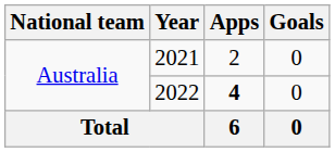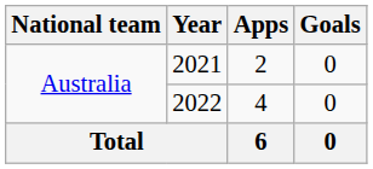 <table class="wikitable" style="text-align:center">
 <tr>
 <th>National team</th>
 <th>Year</th>
 <th>Apps</th>
 <th>Goals</th>
 </tr>
 <tr>
 <td rowspan="2"><a href='#'>Australia</a></td>
 <td>2021</td>
 <td>2</td>
 <td>0</td>
 </tr>
 <tr>
 <td>2022</td>
-<td><strong>4</strong></td>
+<td>4</td>
 <td>0</td>
 </tr>
 <tr>
 <th colspan="2">Total</th>
 <th>6</th>
 <th>0</th>
 </tr>
 </table>
